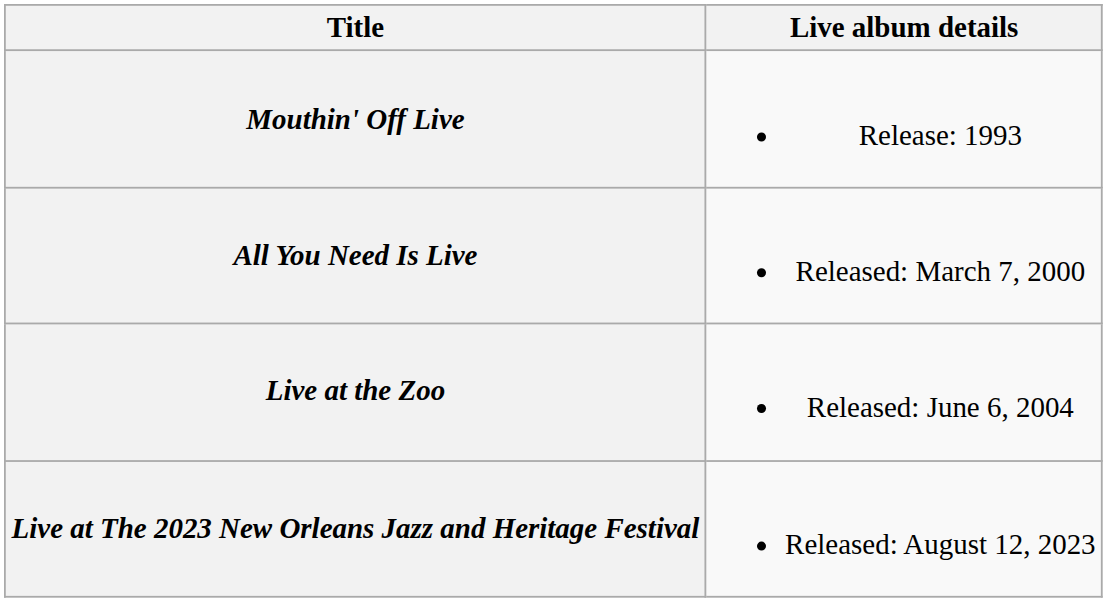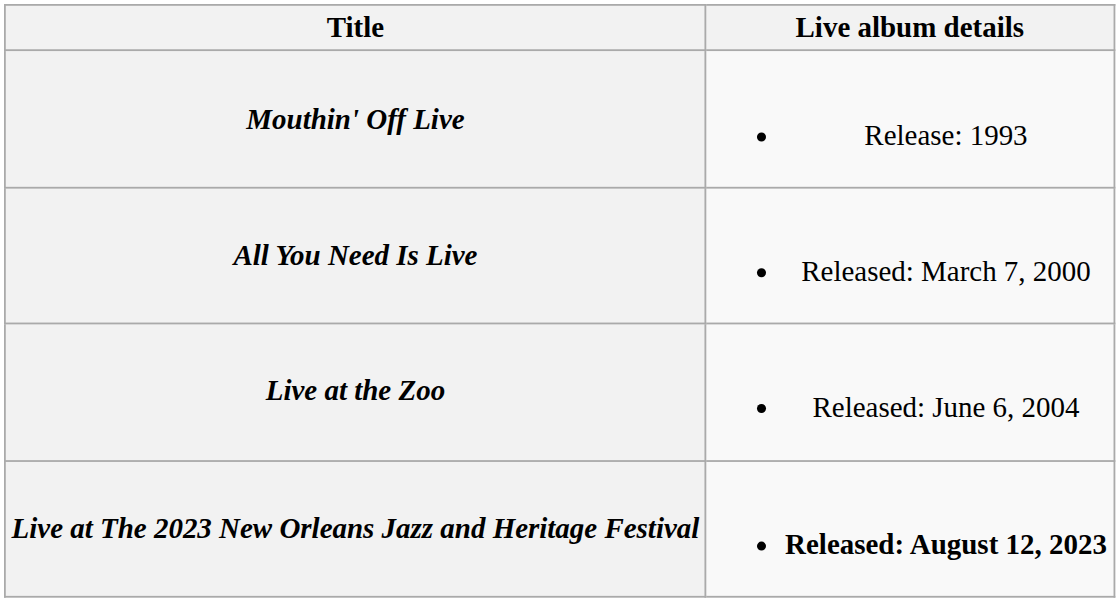 <table class="wikitable plainrowheaders" style="text-align:center;">
 <tr>
 <th scope="col">Title</th>
 <th scope="col">Live album details</th>
 </tr>
 <tr>
 <th scope="row"><em>Mouthin' Off Live</em></th>
 <td><br><ul><li>Release: 1993</li></ul></td>
 </tr>
 <tr>
 <th scope="row"><em>All You Need Is Live</em></th>
 <td><br><ul><li>Released: March 7, 2000</li></ul></td>
 </tr>
 <tr>
 <th scope="row"><em>Live at the Zoo</em></th>
 <td><br><ul><li>Released: June 6, 2004</li></ul></td>
 </tr>
 <tr>
 <th scope="row"><em>Live at The 2023 New Orleans Jazz and Heritage Festival</em></th>
-<td><br><ul><li>Released: August 12, 2023</li></ul></td>
+<td><strong><br><ul><li>Released: August 12, 2023</li></ul></strong></td>
 </tr>
 </table>
